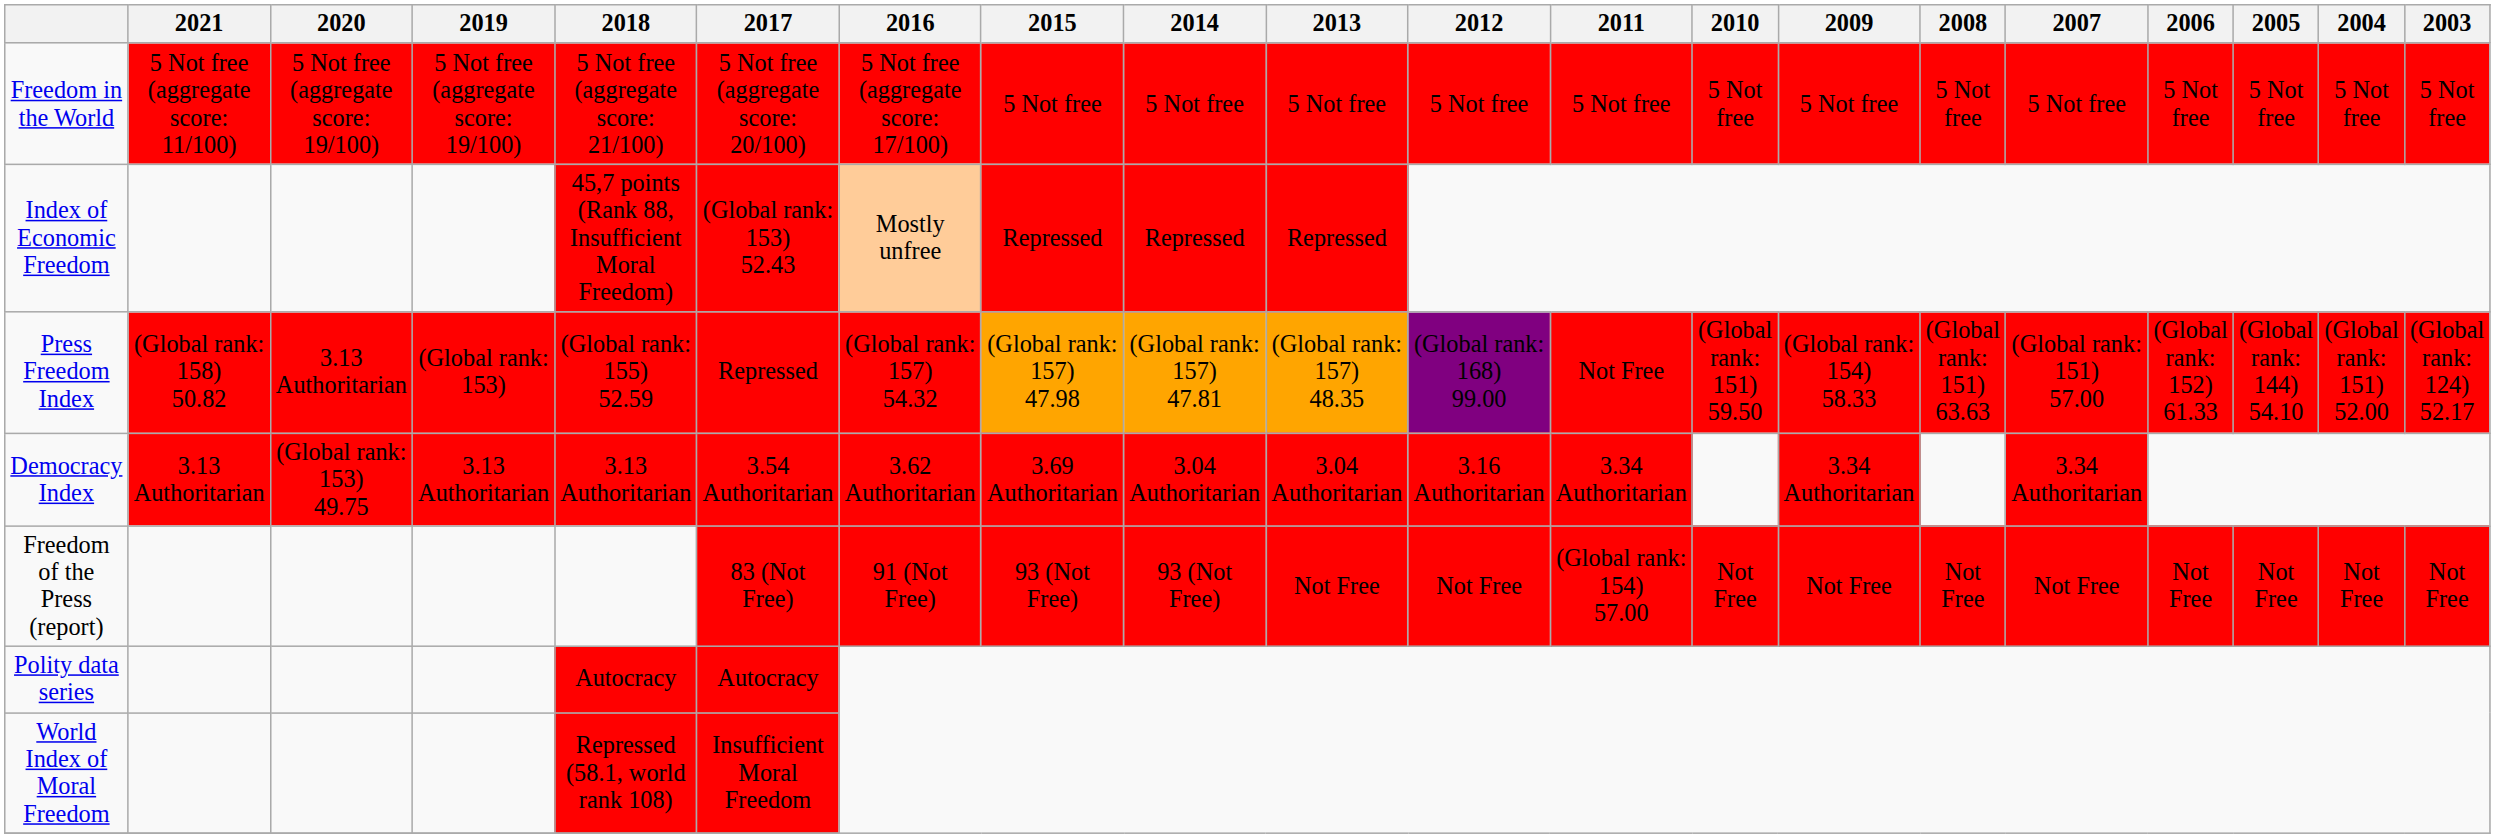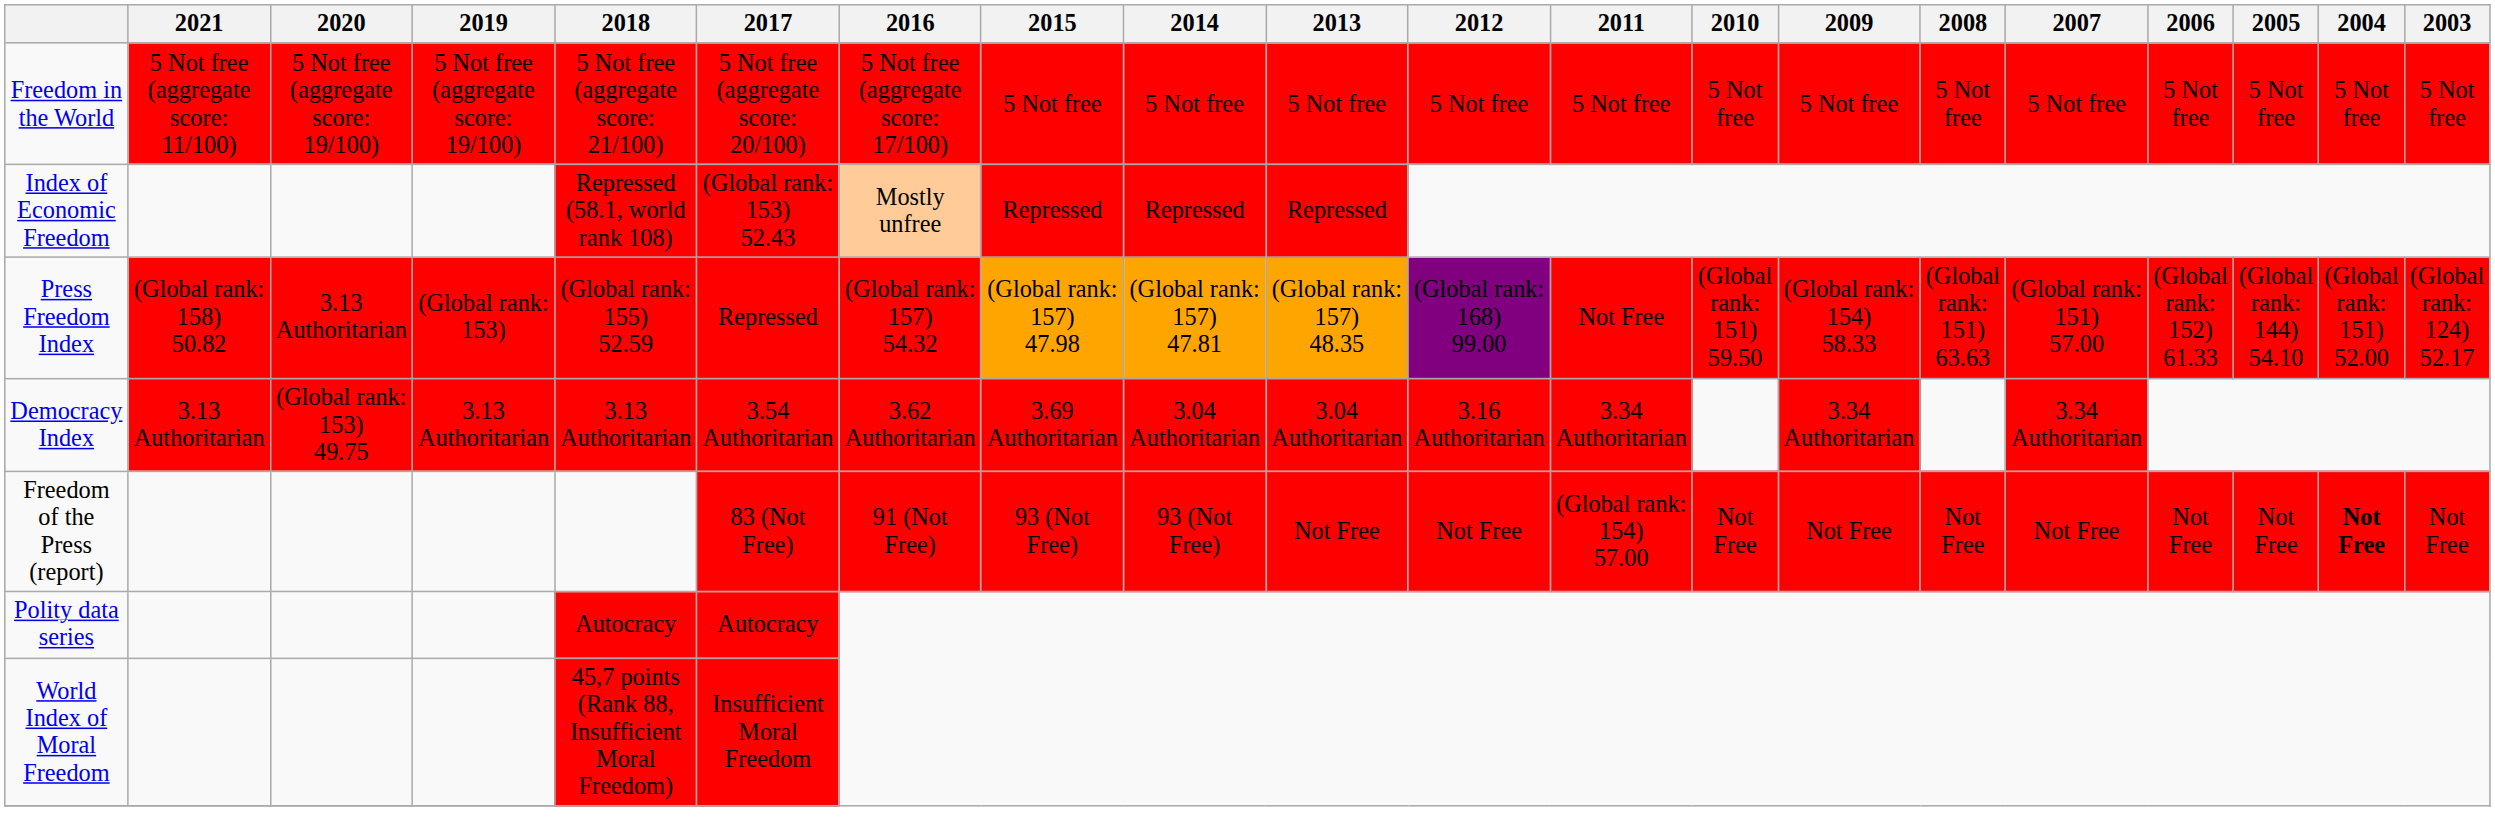 <table class="wikitable" style="text-align:center;">
 <tr>
 <th></th>
 <th>2021</th>
 <th>2020</th>
 <th>2019</th>
 <th>2018</th>
 <th>2017</th>
 <th>2016</th>
 <th>2015</th>
 <th>2014</th>
 <th>2013</th>
 <th>2012</th>
 <th>2011</th>
 <th>2010</th>
 <th>2009</th>
 <th>2008</th>
 <th>2007</th>
 <th>2006</th>
 <th>2005</th>
 <th>2004</th>
 <th>2003</th>
 </tr>
 <tr>
 <td><a href='#'>Freedom in the World</a></td>
 <td style="background:red"><span>5</span> Not free (aggregate score: 11/100)</td>
 <td style="background:red"><span>5</span> Not free (aggregate score: 19/100)</td>
 <td style="background:red"><span>5</span> Not free (aggregate score: 19/100)</td>
 <td style="background:red"><span>5</span> Not free (aggregate score: 21/100)</td>
 <td style="background:red"><span>5</span> Not free (aggregate score: 20/100)</td>
 <td style="background:red"><span>5</span> Not free (aggregate score: 17/100)</td>
 <td style="background:red"><span>5</span> Not free</td>
 <td style="background:red"><span>5</span> Not free</td>
 <td style="background:red"><span>5</span> Not free</td>
 <td style="background:red"><span>5</span> Not free</td>
 <td style="background:red"><span>5</span> Not free</td>
 <td style="background:red"><span>5</span> Not free</td>
 <td style="background:red"><span>5</span> Not free</td>
 <td style="background:red"><span>5</span> Not free</td>
 <td style="background:red"><span>5</span> Not free</td>
 <td style="background:red"><span>5</span> Not free</td>
 <td style="background:red"><span>5</span> Not free</td>
 <td style="background:red"><span>5</span> Not free</td>
 <td style="background:red"><span>5</span> Not free</td>
 </tr>
 <tr>
 <td><a href='#'>Index of Economic Freedom</a></td>
 <td></td>
 <td></td>
 <td></td>
-<td style="background:red">45,7 points (Rank 88, Insufficient Moral Freedom)</td>
+<td style="background:red">Repressed (58.1, world rank 108)</td>
 <td style="background:red">(Global rank: 153)<br>52.43</td>
 <td style="background:#fc9;">Mostly unfree</td>
 <td style="background:red">Repressed</td>
 <td style="background:red">Repressed</td>
 <td style="background:red">Repressed</td>
 </tr>
 <tr>
 <td><a href='#'>Press Freedom Index</a></td>
 <td style="background:red">(Global rank: 158)<br>50.82</td>
 <td style="background:red"><span>3.13</span> Authoritarian</td>
 <td style="background:red">(Global rank: 153)<br></td>
 <td style="background:red">(Global rank: 155)<br>52.59</td>
 <td style="background:red">Repressed</td>
 <td style="background:red">(Global rank: 157)<br>54.32</td>
 <td style="background:orange">(Global rank: 157)<br>47.98</td>
 <td style="background:orange">(Global rank: 157)<br>47.81</td>
 <td style="background:orange">(Global rank: 157)<br>48.35</td>
 <td style="background:purple">(Global rank: 168)<br>99.00</td>
 <td style="background:red">Not Free</td>
 <td style="background:red">(Global rank: 151)<br>59.50</td>
 <td style="background:red">(Global rank: 154)<br>58.33</td>
 <td style="background:red">(Global rank: 151)<br>63.63</td>
 <td style="background:red">(Global rank: 151)<br>57.00</td>
 <td style="background:red">(Global rank: 152)<br>61.33</td>
 <td style="background:red">(Global rank: 144)<br>54.10</td>
 <td style="background:red">(Global rank: 151)<br>52.00</td>
 <td style="background:red">(Global rank: 124)<br>52.17</td>
 </tr>
 <tr>
 <td><a href='#'>Democracy Index</a></td>
 <td style="background:red"><span>3.13</span> Authoritarian</td>
 <td style="background:red">(Global rank: 153)<br>49.75</td>
 <td style="background:red"><span>3.13</span> Authoritarian</td>
 <td style="background:red"><span>3.13</span> Authoritarian</td>
 <td style="background:red"><span>3.54</span> Authoritarian</td>
 <td style="background:red"><span>3.62</span> Authoritarian</td>
 <td style="background:red"><span>3.69</span> Authoritarian</td>
 <td style="background:red"><span>3.04</span> Authoritarian</td>
 <td style="background:red"><span>3.04</span> Authoritarian</td>
 <td style="background:red"><span>3.16</span> Authoritarian</td>
 <td style="background:red"><span>3.34</span> Authoritarian</td>
 <td></td>
 <td style="background:red"><span>3.34</span> Authoritarian</td>
 <td></td>
 <td style="background:red"><span>3.34</span> Authoritarian</td>
 </tr>
 <tr>
 <td>Freedom of the Press (report)</td>
 <td></td>
 <td></td>
 <td></td>
 <td></td>
 <td style="background:red">83 (Not Free)</td>
 <td style="background:red">91 (Not Free)</td>
 <td style="background:red">93 (Not Free)</td>
 <td style="background:red">93 (Not Free)</td>
 <td style="background:red">Not Free</td>
 <td style="background:red">Not Free</td>
 <td style="background:red">(Global rank: 154)<br>57.00</td>
 <td style="background:red">Not Free</td>
 <td style="background:red">Not Free</td>
 <td style="background:red">Not Free</td>
 <td style="background:red">Not Free</td>
 <td style="background:red">Not Free</td>
 <td style="background:red">Not Free</td>
-<td style="background:red">Not Free</td>
+<td style="background:red"><strong>Not Free</strong></td>
 <td style="background:red">Not Free</td>
 </tr>
 <tr>
 <td><a href='#'>Polity data series</a></td>
 <td></td>
 <td></td>
 <td></td>
 <td style="background:red">Autocracy</td>
 <td style="background:red">Autocracy</td>
 </tr>
 <tr>
 <td><a href='#'>World Index of Moral Freedom</a></td>
 <td></td>
 <td></td>
 <td></td>
-<td style="background:red">Repressed (58.1, world rank 108)</td>
+<td style="background:red">45,7 points (Rank 88, Insufficient Moral Freedom)</td>
 <td style="background:red">Insufficient Moral Freedom</td>
 </tr>
 <tr>
 </tr>
 </table>
